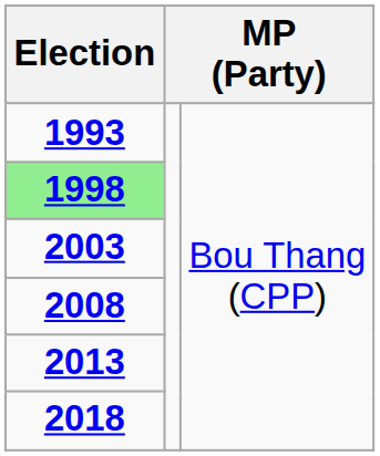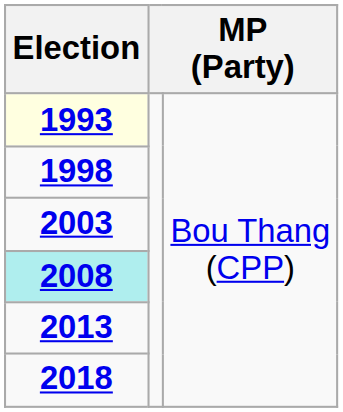 <table class="wikitable" style="text-align:center">
 <tr>
 <th>Election</th>
 <th colspan=2>MP<br>(Party)</th>
 </tr>
 <tr>
-<td><strong><a href='#'>1993</a></strong></td>
+<td style="background: lightyellow;"><strong><a href='#'>1993</a></strong></td>
 <td rowspan=6; style="background-color: "></td>
 <td rowspan=6><a href='#'>Bou Thang</a><br>(<a href='#'>CPP</a>)</td>
 </tr>
 <tr>
-<td style="background: lightgreen;"><strong><a href='#'>1998</a></strong></td>
+<td><strong><a href='#'>1998</a></strong></td>
 </tr>
 <tr>
 <td><strong><a href='#'>2003</a></strong></td>
 </tr>
 <tr>
-<td><strong><a href='#'>2008</a></strong></td>
+<td style="background: paleturquoise;"><strong><a href='#'>2008</a></strong></td>
 </tr>
 <tr>
 <td><strong><a href='#'>2013</a></strong></td>
 </tr>
 <tr>
 <td><strong><a href='#'>2018</a></strong></td>
 </tr>
 </table>
